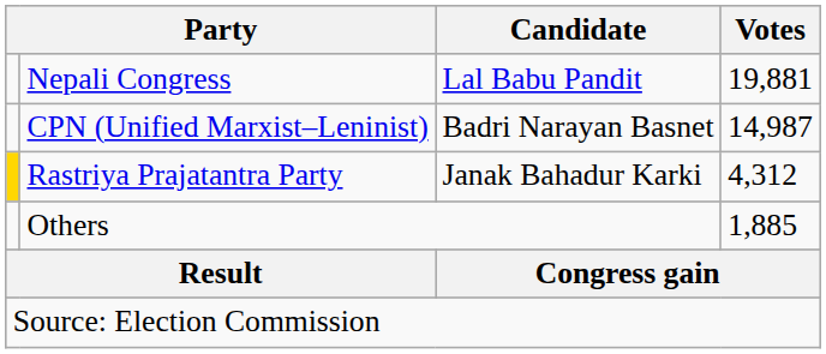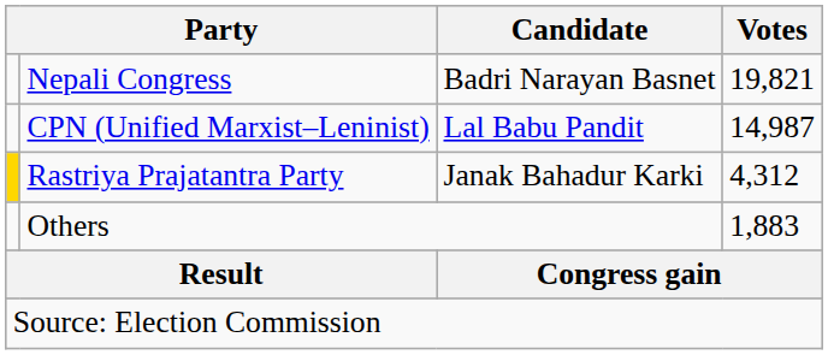 <table class="wikitable">
 <tr>
 <th colspan="2">Party</th>
 <th>Candidate</th>
 <th>Votes</th>
 </tr>
 <tr>
 <td style="background-color:"></td>
 <td><a href='#'>Nepali Congress</a></td>
-<td><a href='#'>Lal Babu Pandit</a></td>
-<td>19,881</td>
+<td>Badri Narayan Basnet</td>
+<td>19,821</td>
 </tr>
 <tr>
 <td style="background-color:"></td>
 <td><a href='#'>CPN (Unified Marxist–Leninist)</a></td>
-<td>Badri Narayan Basnet</td>
+<td><a href='#'>Lal Babu Pandit</a></td>
 <td>14,987</td>
 </tr>
 <tr>
 <td style="background-color:gold"></td>
 <td><a href='#'>Rastriya Prajatantra Party</a></td>
 <td>Janak Bahadur Karki</td>
 <td>4,312</td>
 </tr>
 <tr>
 <td></td>
 <td colspan="2">Others</td>
-<td>1,885</td>
+<td>1,883</td>
 </tr>
 <tr>
 <th colspan="2">Result</th>
 <th colspan="2">Congress gain</th>
 </tr>
 <tr>
 <td colspan="4">Source: Election Commission</td>
 </tr>
 </table>
